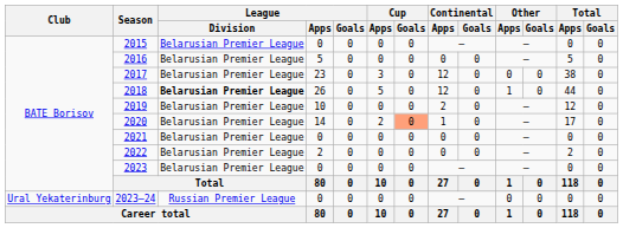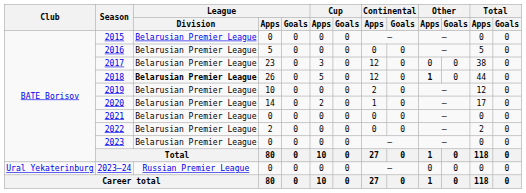 <table class="wikitable" style="text-align: center;">
 <tr>
 <th rowspan=2>Club</th>
 <th rowspan=2>Season</th>
 <th colspan=3>League</th>
 <th colspan=2>Cup</th>
 <th colspan=2>Continental</th>
 <th colspan=2>Other</th>
 <th colspan=2>Total</th>
 </tr>
 <tr>
 <th>Division</th>
 <th>Apps</th>
 <th>Goals</th>
 <th>Apps</th>
 <th>Goals</th>
 <th>Apps</th>
 <th>Goals</th>
 <th>Apps</th>
 <th>Goals</th>
 <th>Apps</th>
 <th>Goals</th>
 </tr>
 <tr>
 <td rowspan="10"><a href='#'>BATE Borisov</a></td>
 <td><a href='#'>2015</a></td>
 <td><a href='#'>Belarusian Premier League</a></td>
 <td>0</td>
 <td>0</td>
 <td>0</td>
 <td>0</td>
 <td colspan=2>–</td>
 <td colspan=2>–</td>
 <td>0</td>
 <td>0</td>
 </tr>
 <tr>
 <td><a href='#'>2016</a></td>
 <td>Belarusian Premier League</td>
 <td>5</td>
 <td>0</td>
 <td>0</td>
 <td>0</td>
 <td>0</td>
 <td>0</td>
 <td colspan=2>–</td>
 <td>5</td>
 <td>0</td>
 </tr>
 <tr>
 <td><a href='#'>2017</a></td>
 <td>Belarusian Premier League</td>
 <td>23</td>
 <td>0</td>
 <td>3</td>
 <td>0</td>
 <td>12</td>
 <td>0</td>
 <td>0</td>
 <td>0</td>
 <td>38</td>
 <td>0</td>
 </tr>
 <tr>
 <td><a href='#'>2018</a></td>
 <td><strong>Belarusian Premier League</strong></td>
 <td>26</td>
 <td>0</td>
 <td>5</td>
 <td>0</td>
 <td>12</td>
 <td>0</td>
-<td>1</td>
+<td><strong>1</strong></td>
 <td>0</td>
 <td>44</td>
 <td>0</td>
 </tr>
 <tr>
 <td><a href='#'>2019</a></td>
 <td>Belarusian Premier League</td>
 <td>10</td>
 <td>0</td>
 <td>0</td>
 <td>0</td>
 <td>2</td>
 <td>0</td>
 <td colspan=2>–</td>
 <td>12</td>
 <td>0</td>
 </tr>
 <tr>
 <td><a href='#'>2020</a></td>
 <td>Belarusian Premier League</td>
 <td>14</td>
 <td>0</td>
 <td>2</td>
-<td style="background: lightsalmon;">0</td>
+<td>0</td>
 <td>1</td>
 <td>0</td>
 <td colspan=2>–</td>
 <td>17</td>
 <td>0</td>
 </tr>
 <tr>
 <td><a href='#'>2021</a></td>
 <td>Belarusian Premier League</td>
 <td>0</td>
 <td>0</td>
 <td>0</td>
 <td>0</td>
 <td>0</td>
 <td>0</td>
 <td colspan=2>–</td>
 <td>0</td>
 <td>0</td>
 </tr>
 <tr>
 <td><a href='#'>2022</a></td>
 <td>Belarusian Premier League</td>
 <td>2</td>
 <td>0</td>
 <td>0</td>
 <td>0</td>
 <td>0</td>
 <td>0</td>
 <td colspan=2>–</td>
 <td>2</td>
 <td>0</td>
 </tr>
 <tr>
 <td><a href='#'>2023</a></td>
 <td>Belarusian Premier League</td>
 <td>0</td>
 <td>0</td>
 <td>0</td>
 <td>0</td>
 <td colspan=2>–</td>
 <td colspan=2>–</td>
 <td>0</td>
 <td>0</td>
 </tr>
 <tr>
 <th colspan=2>Total</th>
 <th>80</th>
 <th>0</th>
 <th>10</th>
 <th>0</th>
 <th>27</th>
 <th>0</th>
 <th>1</th>
 <th>0</th>
 <th>118</th>
 <th>0</th>
 </tr>
 <tr>
 <td><a href='#'>Ural Yekaterinburg</a></td>
 <td><a href='#'>2023–24</a></td>
 <td><a href='#'>Russian Premier League</a></td>
 <td>0</td>
 <td>0</td>
 <td>0</td>
 <td>0</td>
 <td colspan=2>–</td>
 <td>0</td>
 <td>0</td>
 <td>0</td>
 <td>0</td>
 </tr>
 <tr>
 <th colspan=3>Career total</th>
 <th>80</th>
 <th>0</th>
 <th>10</th>
 <th>0</th>
 <th>27</th>
 <th>0</th>
 <th>1</th>
 <th>0</th>
 <th>118</th>
 <th>0</th>
 </tr>
 </table>
